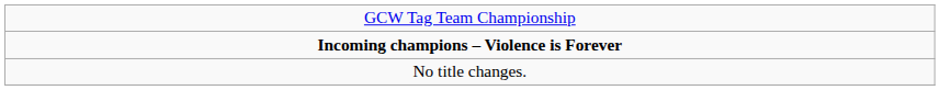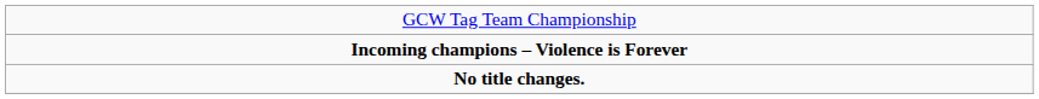 <table class="wikitable" style="text-align:center; width:100%;">
 <tr>
 <td colspan="4" style="text-align: center;"><a href='#'>GCW Tag Team Championship</a></td>
 </tr>
 <tr>
 <td colspan="4" style="text-align: center;"><strong>Incoming champions – Violence is Forever </strong></td>
 </tr>
 <tr>
-<td>No title changes.</td>
+<td><strong>No title changes.</strong></td>
 </tr>
 <tr>
 </tr>
 </table>
